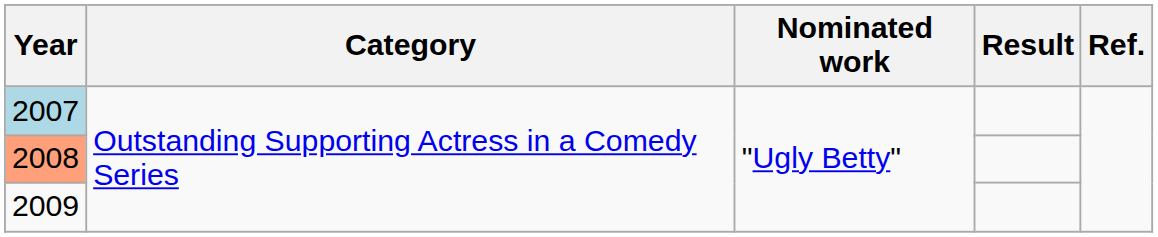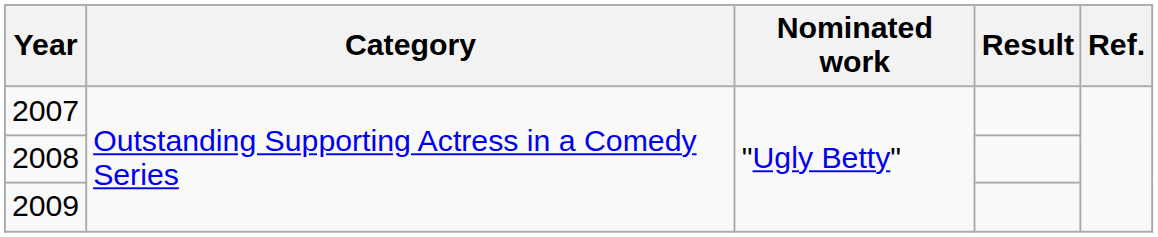 <table class="wikitable">
 <tr>
 <th>Year</th>
 <th>Category</th>
 <th>Nominated work</th>
 <th>Result</th>
 <th>Ref.</th>
 </tr>
 <tr>
-<td style="background: lightblue;">2007</td>
+<td>2007</td>
 <td rowspan="3"><a href='#'>Outstanding Supporting Actress in a Comedy Series</a></td>
 <td rowspan="3">"<a href='#'>Ugly Betty</a>"</td>
 <td></td>
 <td rowspan="3"></td>
 </tr>
 <tr>
-<td style="background: lightsalmon;">2008</td>
+<td>2008</td>
 <td></td>
 </tr>
 <tr>
 <td>2009</td>
 <td></td>
 </tr>
 </table>
